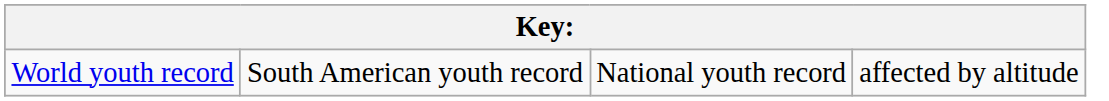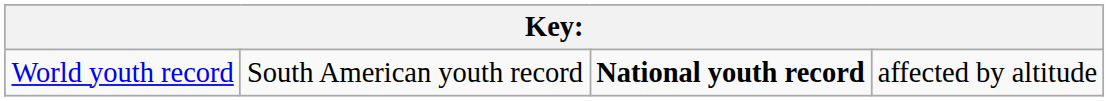 <table class="wikitable">
 <tr>
 <th colspan=4>Key:</th>
 </tr>
 <tr>
 <td><a href='#'>World youth record</a></td>
 <td>South American youth record</td>
-<td>National youth record</td>
+<td><strong>National youth record</strong></td>
 <td>affected by altitude</td>
 </tr>
 </table>
